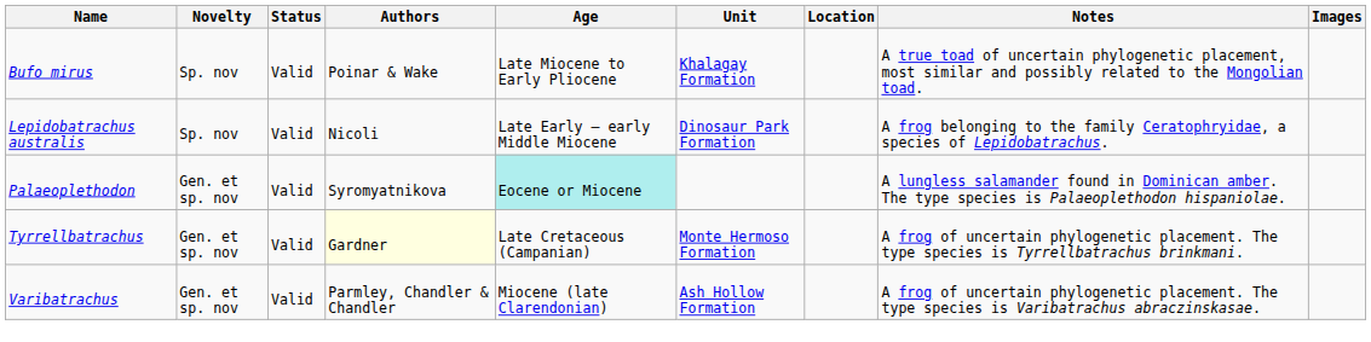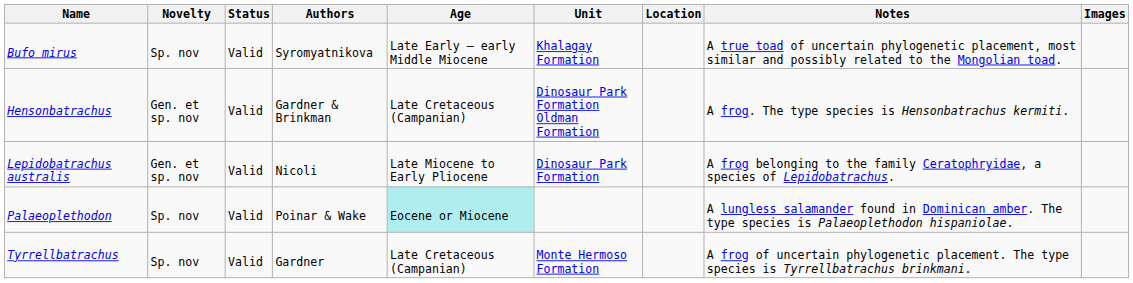 <table class="wikitable sortable"  style="margin:auto; width:100%;">
 <tr>
 <th>Name</th>
 <th>Novelty</th>
 <th>Status</th>
 <th>Authors</th>
 <th>Age</th>
 <th>Unit</th>
 <th>Location</th>
 <th>Notes</th>
 <th>Images</th>
 </tr>
 <tr>
 <td><br><em><a href='#'>Bufo mirus</a></em></td>
 <td><br>Sp. nov</td>
 <td><br>Valid</td>
-<td><br>Poinar & Wake</td>
-<td><br>Late Miocene to Early Pliocene</td>
+<td><br>Syromyatnikova</td>
+<td><br>Late Early – early Middle Miocene</td>
 <td><br><a href='#'>Khalagay Formation</a></td>
 <td><br></td>
 <td><br>A <a href='#'>true toad</a> of uncertain phylogenetic placement, most similar and possibly related to the <a href='#'>Mongolian toad</a>.</td>
 <td></td>
 </tr>
 <tr>
+<td><br><em><a href='#'>Hensonbatrachus</a></em></td>
+<td><br>Gen. et sp. nov</td>
+<td><br>Valid</td>
+<td><br>Gardner & Brinkman</td>
+<td><br>Late Cretaceous (Campanian)</td>
+<td><br><a href='#'>Dinosaur Park Formation</a><br> <a href='#'>Oldman Formation</a></td>
+<td><br></td>
+<td><br>A <a href='#'>frog</a>. The type species is <em>Hensonbatrachus kermiti</em>.</td>
+<td></td>
+</tr>
+<tr>
 <td><br><em><a href='#'>Lepidobatrachus australis</a></em></td>
-<td><br>Sp. nov</td>
+<td><br>Gen. et sp. nov</td>
 <td><br>Valid</td>
 <td><br>Nicoli</td>
-<td><br>Late Early – early Middle Miocene</td>
+<td><br>Late Miocene to Early Pliocene</td>
 <td><br><a href='#'>Dinosaur Park Formation</a></td>
 <td><br></td>
 <td><br>A <a href='#'>frog</a> belonging to the family <a href='#'>Ceratophryidae</a>, a species of <em><a href='#'>Lepidobatrachus</a></em>.</td>
 <td></td>
 </tr>
 <tr>
 <td><br><em><a href='#'>Palaeoplethodon</a></em></td>
-<td><br>Gen. et sp. nov</td>
+<td><br>Sp. nov</td>
 <td><br>Valid</td>
-<td><br>Syromyatnikova</td>
+<td><br>Poinar & Wake</td>
 <td style="background: paleturquoise;"><br>Eocene or Miocene</td>
 <td></td>
 <td><br></td>
 <td><br>A <a href='#'>lungless salamander</a> found in <a href='#'>Dominican amber</a>. The type species is <em>Palaeoplethodon hispaniolae</em>.</td>
 <td></td>
 </tr>
 <tr>
 <td><em><a href='#'>Tyrrellbatrachus</a></em></td>
-<td><br>Gen. et sp. nov</td>
+<td><br>Sp. nov</td>
 <td><br>Valid</td>
-<td style="background: lightyellow;"><br>Gardner</td>
+<td><br>Gardner</td>
 <td><br>Late Cretaceous (Campanian)</td>
 <td><br><a href='#'>Monte Hermoso Formation</a></td>
 <td><br></td>
 <td><br>A <a href='#'>frog</a> of uncertain phylogenetic placement. The type species is <em>Tyrrellbatrachus brinkmani</em>.</td>
 <td></td>
 </tr>
-<tr>
-<td><br><em><a href='#'>Varibatrachus</a></em></td>
-<td><br>Gen. et sp. nov</td>
-<td><br>Valid</td>
-<td><br>Parmley, Chandler & Chandler</td>
-<td><br>Miocene (late <a href='#'>Clarendonian</a>)</td>
-<td><br><a href='#'>Ash Hollow Formation</a></td>
-<td><br></td>
-<td><br>A <a href='#'>frog</a> of uncertain phylogenetic placement. The type species is <em>Varibatrachus abraczinskasae</em>.</td>
-<td></td>
-</tr>
 </table>
